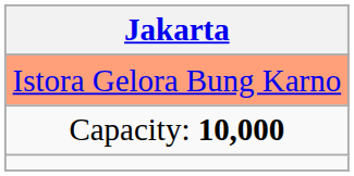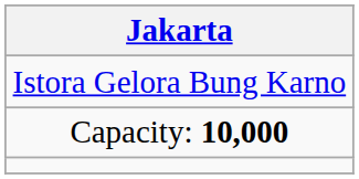 <table class="wikitable" style="text-align:center;">
 <tr>
 <th><a href='#'>Jakarta</a></th>
 </tr>
 <tr>
-<td style="background: lightsalmon;"><a href='#'>Istora Gelora Bung Karno</a></td>
+<td><a href='#'>Istora Gelora Bung Karno</a></td>
 </tr>
 <tr>
 <td>Capacity: <strong>10,000</strong></td>
 </tr>
 <tr>
 <td></td>
 </tr>
 </table>
